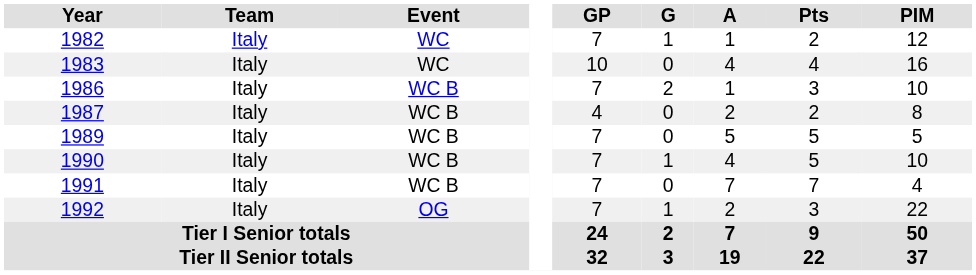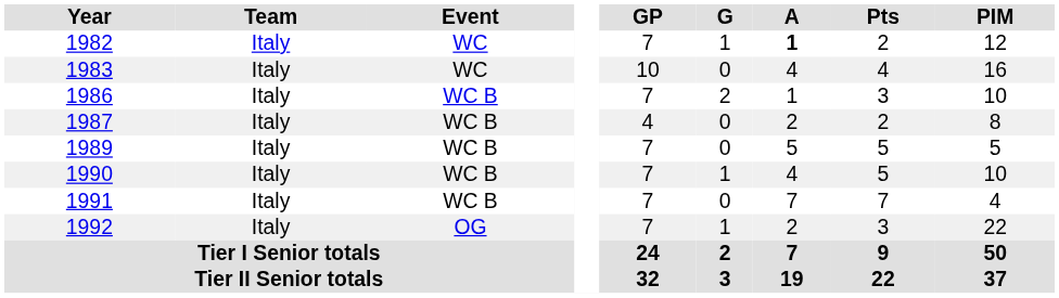 <table border="0" cellpadding="1" cellspacing="0" style="text-align:center; width:50em">
 <tr ALIGN="center" bgcolor="#e0e0e0">
 <th>Year</th>
 <th>Team</th>
 <th>Event</th>
 <th rowspan="99" bgcolor="#ffffff"> </th>
 <th>GP</th>
 <th>G</th>
 <th>A</th>
 <th>Pts</th>
 <th>PIM</th>
 </tr>
 <tr>
 <td><a href='#'>1982</a></td>
 <td><a href='#'>Italy</a></td>
 <td><a href='#'>WC</a></td>
 <td>7</td>
 <td>1</td>
-<td>1</td>
+<td><strong>1</strong></td>
 <td>2</td>
 <td>12</td>
 </tr>
 <tr bgcolor="#f0f0f0">
 <td><a href='#'>1983</a></td>
 <td>Italy</td>
 <td>WC</td>
 <td>10</td>
 <td>0</td>
 <td>4</td>
 <td>4</td>
 <td>16</td>
 </tr>
 <tr>
 <td><a href='#'>1986</a></td>
 <td>Italy</td>
 <td><a href='#'>WC B</a></td>
 <td>7</td>
 <td>2</td>
 <td>1</td>
 <td>3</td>
 <td>10</td>
 </tr>
 <tr bgcolor="#f0f0f0">
 <td><a href='#'>1987</a></td>
 <td>Italy</td>
 <td>WC B</td>
 <td>4</td>
 <td>0</td>
 <td>2</td>
 <td>2</td>
 <td>8</td>
 </tr>
 <tr>
 <td><a href='#'>1989</a></td>
 <td>Italy</td>
 <td>WC B</td>
 <td>7</td>
 <td>0</td>
 <td>5</td>
 <td>5</td>
 <td>5</td>
 </tr>
 <tr bgcolor="#f0f0f0">
 <td><a href='#'>1990</a></td>
 <td>Italy</td>
 <td>WC B</td>
 <td>7</td>
 <td>1</td>
 <td>4</td>
 <td>5</td>
 <td>10</td>
 </tr>
 <tr>
 <td><a href='#'>1991</a></td>
 <td>Italy</td>
 <td>WC B</td>
 <td>7</td>
 <td>0</td>
 <td>7</td>
 <td>7</td>
 <td>4</td>
 </tr>
 <tr bgcolor="#f0f0f0">
 <td><a href='#'>1992</a></td>
 <td>Italy</td>
 <td><a href='#'>OG</a></td>
 <td>7</td>
 <td>1</td>
 <td>2</td>
 <td>3</td>
 <td>22</td>
 </tr>
 <tr bgcolor="#e0e0e0">
 <th colspan="3">Tier I Senior totals</th>
 <th>24</th>
 <th>2</th>
 <th>7</th>
 <th>9</th>
 <th>50</th>
 </tr>
 <tr bgcolor="#e0e0e0">
 <th colspan="3">Tier II Senior totals</th>
 <th>32</th>
 <th>3</th>
 <th>19</th>
 <th>22</th>
 <th>37</th>
 </tr>
 </table>
